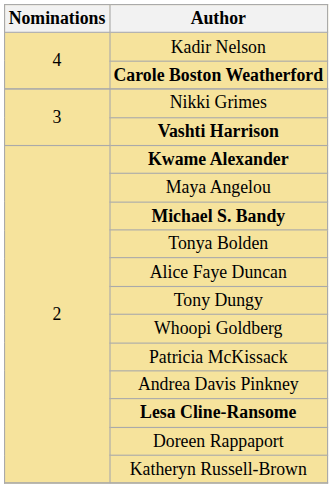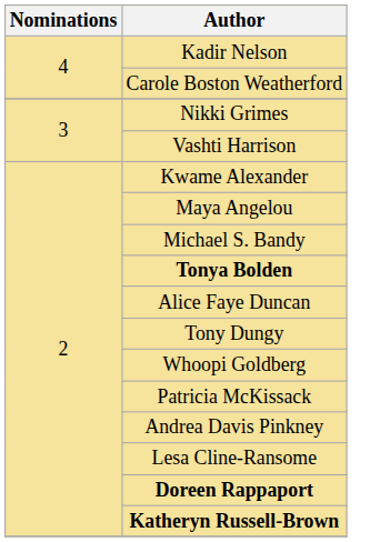 <table class="wikitable" rowspan=2 border="2" cellpadding="4" style="text-align: center; background: #f6e39c">
 <tr>
 <th scope="col" width="55">Nominations</th>
 <th scope="col">Author</th>
 </tr>
 <tr>
 <td rowspan=2 style="text-align:center">4</td>
 <td>Kadir Nelson</td>
 </tr>
 <tr>
-<td><strong>Carole Boston Weatherford</strong></td>
+<td>Carole Boston Weatherford</td>
 </tr>
 <tr>
 </tr>
 <tr>
 <td rowspan=2 style="text-align:center">3</td>
 <td>Nikki Grimes</td>
 </tr>
 <tr>
-<td><strong>Vashti Harrison</strong></td>
+<td>Vashti Harrison</td>
 </tr>
 <tr>
 <td rowspan="12" style="text-align:center">2</td>
-<td><strong>Kwame Alexander</strong></td>
+<td>Kwame Alexander</td>
 </tr>
 <tr>
 <td>Maya Angelou</td>
 </tr>
 <tr>
-<td><strong>Michael S. Bandy</strong></td>
+<td>Michael S. Bandy</td>
 </tr>
 <tr>
-<td>Tonya Bolden</td>
+<td><strong>Tonya Bolden</strong></td>
 </tr>
 <tr>
 <td>Alice Faye Duncan</td>
 </tr>
 <tr>
 <td>Tony Dungy</td>
 </tr>
 <tr>
 <td>Whoopi Goldberg</td>
 </tr>
 <tr>
 <td>Patricia McKissack</td>
 </tr>
 <tr>
 <td>Andrea Davis Pinkney</td>
 </tr>
 <tr>
-<td><strong>Lesa Cline-Ransome</strong></td>
+<td>Lesa Cline-Ransome</td>
 </tr>
 <tr>
-<td>Doreen Rappaport</td>
+<td><strong>Doreen Rappaport</strong></td>
 </tr>
 <tr>
-<td>Katheryn Russell-Brown</td>
+<td><strong>Katheryn Russell-Brown</strong></td>
 </tr>
 <tr>
 </tr>
 </table>
